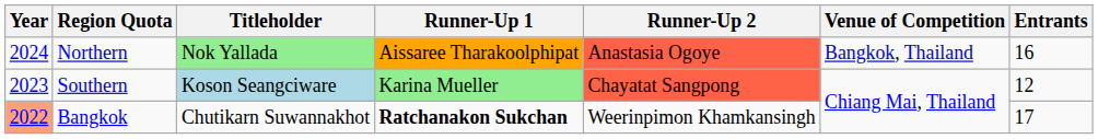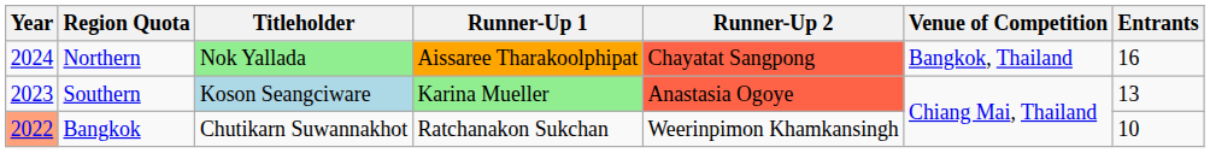 <table class="wikitable" style="font-size: 95%;">
 <tr>
 <th>Year</th>
 <th>Region Quota</th>
 <th><strong>Titleholder</strong></th>
 <th>Runner-Up 1</th>
 <th>Runner-Up 2</th>
 <th><strong>Venue of Competition</strong></th>
 <th><strong>Entrants</strong></th>
 </tr>
 <tr>
 <td><a href='#'>2024</a></td>
 <td><a href='#'>Northern</a></td>
 <td style="background-color:lightgreen">Nok Yallada</td>
 <td style="background-color:orange">Aissaree Tharakoolphipat</td>
-<td style="background-color:tomato">Anastasia Ogoye</td>
+<td style="background-color:tomato">Chayatat Sangpong</td>
 <td><a href='#'>Bangkok</a>, <a href='#'>Thailand</a></td>
 <td>16</td>
 </tr>
 <tr>
 <td><a href='#'>2023</a></td>
 <td><a href='#'>Southern</a></td>
 <td style="background-color:lightblue">Koson Seangciware</td>
 <td style="background-color:lightgreen">Karina Mueller</td>
-<td style="background-color:tomato">Chayatat Sangpong</td>
+<td style="background-color:tomato">Anastasia Ogoye</td>
 <td rowspan="2"><a href='#'>Chiang Mai</a>, <a href='#'>Thailand</a></td>
-<td>12</td>
+<td>13</td>
 </tr>
 <tr>
 <td style="background: lightsalmon;"><a href='#'>2022</a></td>
 <td><a href='#'>Bangkok</a></td>
 <td>Chutikarn Suwannakhot</td>
-<td><strong>Ratchanakon Sukchan</strong></td>
+<td>Ratchanakon Sukchan</td>
 <td>Weerinpimon Khamkansingh</td>
-<td>17</td>
+<td>10</td>
 </tr>
 </table>
